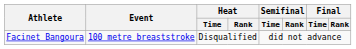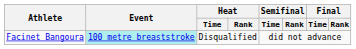 <table class=wikitable style="font-size:90%">
 <tr>
 <th rowspan="2">Athlete</th>
 <th rowspan="2">Event</th>
 <th colspan="2">Heat</th>
 <th colspan="2">Semifinal</th>
 <th colspan="2">Final</th>
 </tr>
 <tr style="font-size:95%">
 <th>Time</th>
 <th>Rank</th>
 <th>Time</th>
 <th>Rank</th>
 <th>Time</th>
 <th>Rank</th>
 </tr>
 <tr align=center>
 <td align=left><a href='#'>Facinet Bangoura</a></td>
-<td align=left><a href='#'>100 metre breaststroke</a></td>
+<td align=left style="background: paleturquoise;"><a href='#'>100 metre breaststroke</a></td>
 <td colspan=2>Disqualified</td>
 <td colspan=4>did not advance</td>
 </tr>
 </table>
